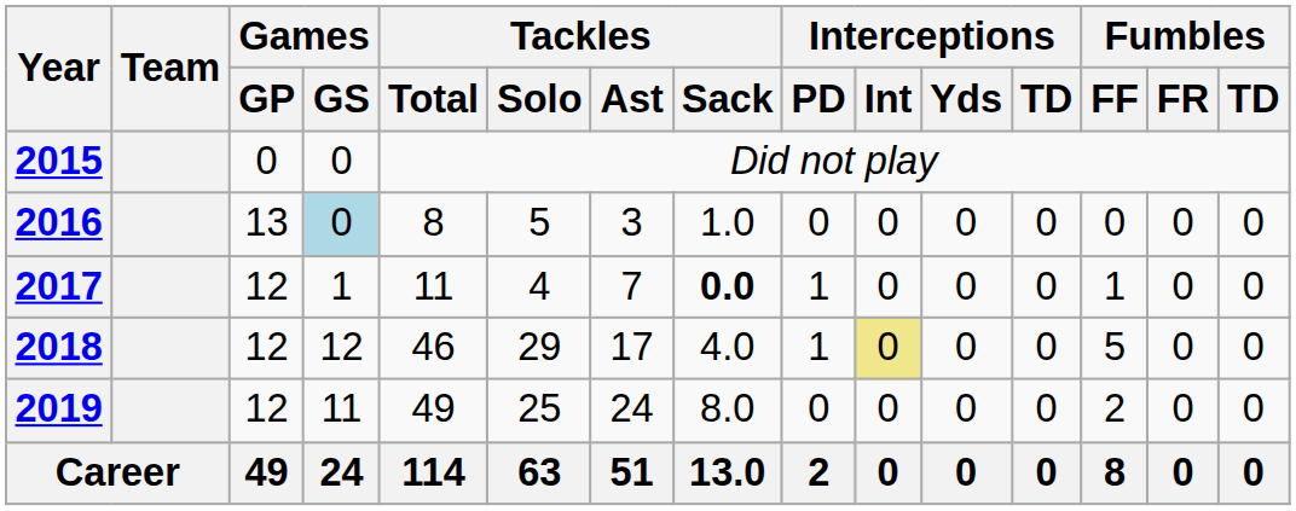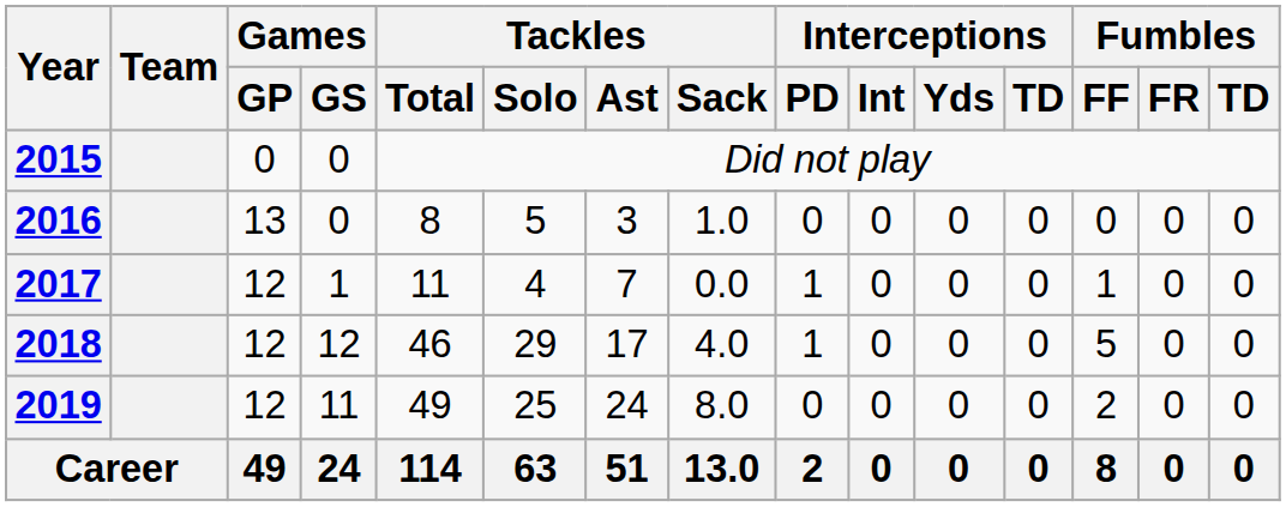 <table class="wikitable" style="text-align:center;">
 <tr>
 <th rowspan="2">Year</th>
 <th rowspan="2">Team</th>
 <th colspan="2">Games</th>
 <th colspan="4">Tackles</th>
 <th colspan="4">Interceptions</th>
 <th colspan="3">Fumbles</th>
 </tr>
 <tr>
 <th>GP</th>
 <th>GS</th>
 <th>Total</th>
 <th>Solo</th>
 <th>Ast</th>
 <th>Sack</th>
 <th>PD</th>
 <th>Int</th>
 <th>Yds</th>
 <th>TD</th>
 <th>FF</th>
 <th>FR</th>
 <th>TD</th>
 </tr>
 <tr>
 <th><a href='#'>2015</a></th>
 <th><a href='#'></a></th>
 <td>0</td>
 <td>0</td>
 <td colspan="11"><em>Did not play</em></td>
 </tr>
 <tr>
 <th><a href='#'>2016</a></th>
 <th><a href='#'></a></th>
 <td>13</td>
-<td style="background: lightblue;">0</td>
+<td>0</td>
 <td>8</td>
 <td>5</td>
 <td>3</td>
 <td>1.0</td>
 <td>0</td>
 <td>0</td>
 <td>0</td>
 <td>0</td>
 <td>0</td>
 <td>0</td>
 <td>0</td>
 </tr>
 <tr>
 <th><a href='#'>2017</a></th>
 <th><a href='#'></a></th>
 <td>12</td>
 <td>1</td>
 <td>11</td>
 <td>4</td>
 <td>7</td>
-<td><strong>0.0</strong></td>
+<td>0.0</td>
 <td>1</td>
 <td>0</td>
 <td>0</td>
 <td>0</td>
 <td>1</td>
 <td>0</td>
 <td>0</td>
 </tr>
 <tr>
 <th><a href='#'>2018</a></th>
 <th><a href='#'></a></th>
 <td>12</td>
 <td>12</td>
 <td>46</td>
 <td>29</td>
 <td>17</td>
 <td>4.0</td>
 <td>1</td>
-<td style="background: khaki;">0</td>
+<td>0</td>
 <td>0</td>
 <td>0</td>
 <td>5</td>
 <td>0</td>
 <td>0</td>
 </tr>
 <tr>
 <th><a href='#'>2019</a></th>
 <th><a href='#'></a></th>
 <td>12</td>
 <td>11</td>
 <td>49</td>
 <td>25</td>
 <td>24</td>
 <td>8.0</td>
 <td>0</td>
 <td>0</td>
 <td>0</td>
 <td>0</td>
 <td>2</td>
 <td>0</td>
 <td>0</td>
 </tr>
 <tr>
 <th align=center colspan="2">Career</th>
 <th>49</th>
 <th>24</th>
 <th>114</th>
 <th>63</th>
 <th>51</th>
 <th>13.0</th>
 <th>2</th>
 <th>0</th>
 <th>0</th>
 <th>0</th>
 <th>8</th>
 <th>0</th>
 <th>0</th>
 </tr>
 </table>
